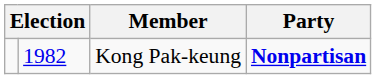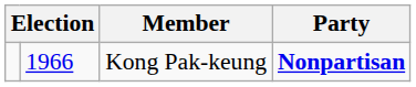 <table class="wikitable">
 <tr>
 <th colspan="2">Election</th>
 <th>Member</th>
 <th>Party</th>
 </tr>
 <tr>
 <td style="background-color: "></td>
-<td><a href='#'>1982</a></td>
+<td><a href='#'>1966</a></td>
 <td>Kong Pak-keung</td>
 <td><strong><a href='#'>Nonpartisan</a></strong></td>
 </tr>
 </table>
